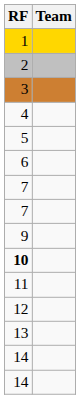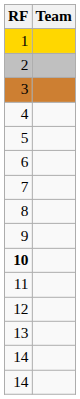 <table class="wikitable">
 <tr>
 <th>RF</th>
 <th>Team</th>
 </tr>
 <tr bgcolor="#FFD700" align="right">
 <td>1</td>
 <td align="left"></td>
 </tr>
 <tr bgcolor="#C0C0C0" align="right">
 <td>2</td>
 <td align="left"></td>
 </tr>
 <tr bgcolor="#CD7F32" align="right">
 <td>3</td>
 <td align="left"></td>
 </tr>
 <tr align="right">
 <td>4</td>
 <td align="left"></td>
 </tr>
 <tr align="right">
 <td>5</td>
 <td align="left"></td>
 </tr>
 <tr align="right">
 <td>6</td>
 <td align="left"></td>
 </tr>
 <tr align="right">
 <td>7</td>
 <td align="left"></td>
 </tr>
 <tr align="right">
-<td>7</td>
+<td>8</td>
 <td align="left"></td>
 </tr>
 <tr align="right">
 <td>9</td>
 <td align="left"></td>
 </tr>
 <tr align="right">
 <td><strong>10</strong></td>
 <td align="left"></td>
 </tr>
 <tr align="right">
 <td>11</td>
 <td align="left"></td>
 </tr>
 <tr align="right">
 <td>12</td>
 <td align="left"></td>
 </tr>
 <tr align="right">
 <td>13</td>
 <td align="left"></td>
 </tr>
 <tr align="right">
 <td>14</td>
 <td align="left"></td>
 </tr>
 <tr align="right">
 <td>14</td>
 <td align="left"></td>
 </tr>
 </table>
